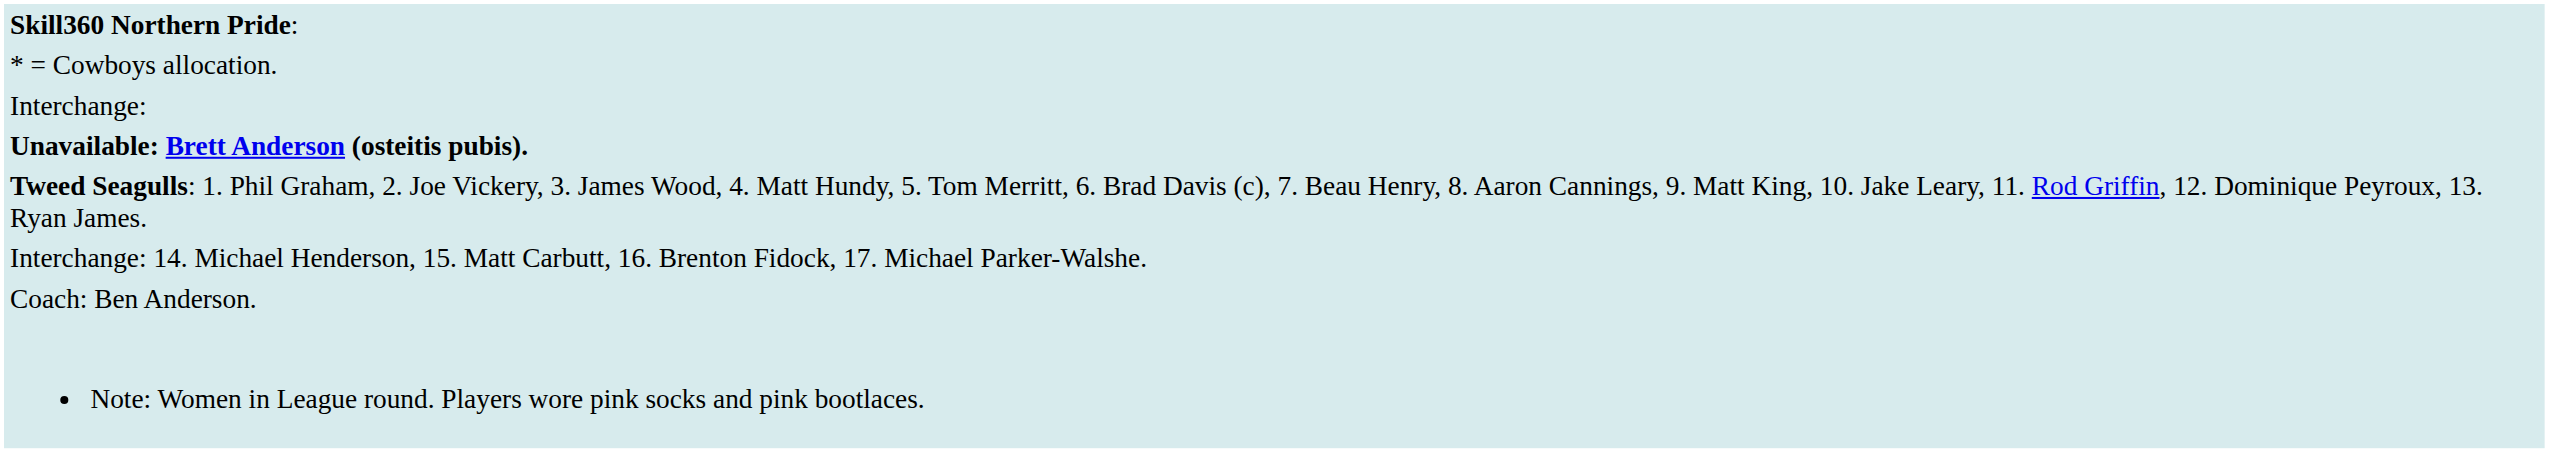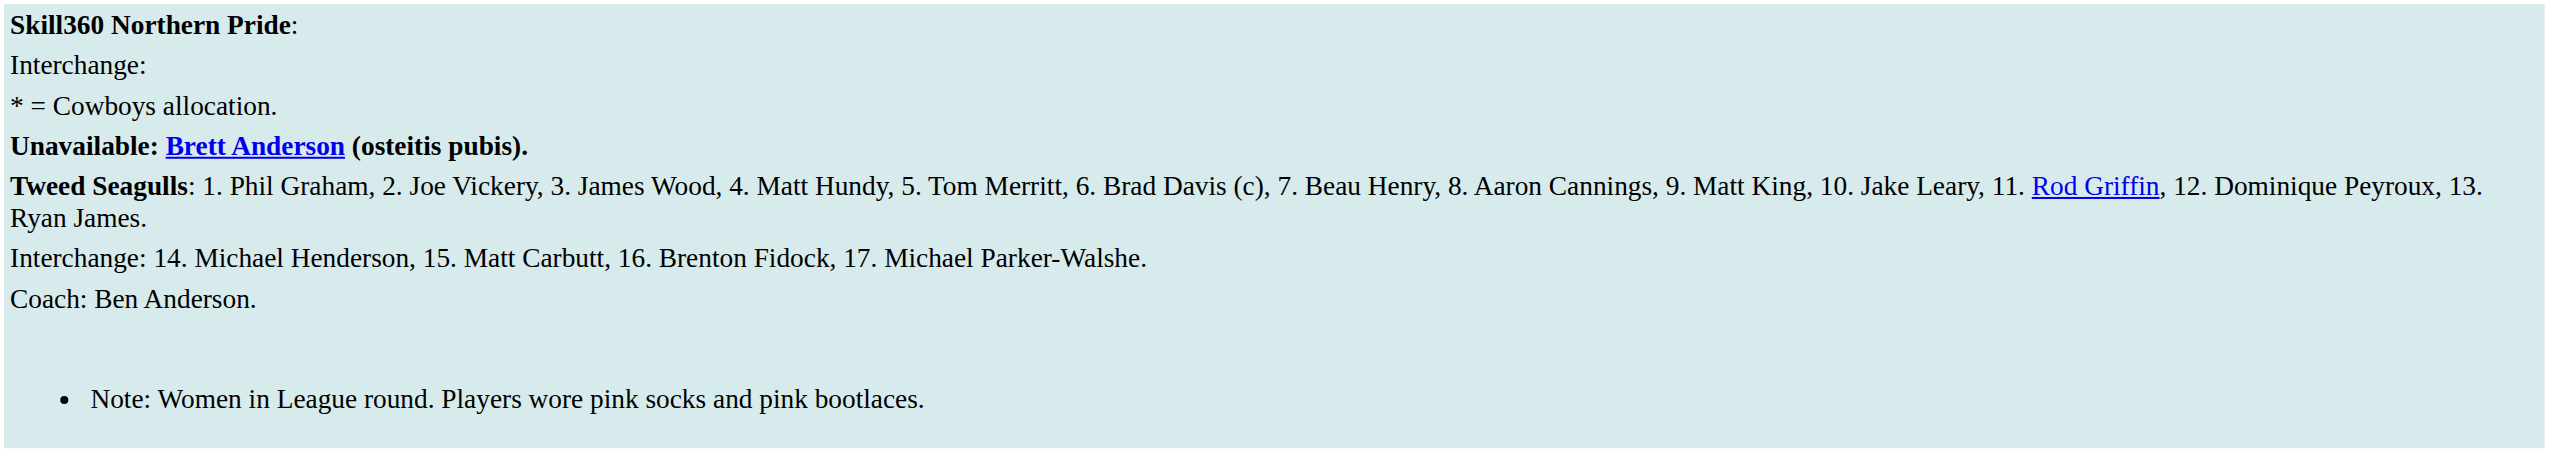 <table style="background:#d7ebed; font-size:85%; width:100%;">
 <tr>
 <td><strong>Skill360 Northern Pride</strong>:             </td>
 </tr>
 <tr>
-<td>* = Cowboys allocation.</td>
+<td>Interchange:    </td>
 </tr>
 <tr>
-<td>Interchange:    </td>
+<td>* = Cowboys allocation.</td>
 </tr>
 <tr>
 <td><strong>Unavailable: <a href='#'>Brett Anderson</a> (osteitis pubis).</strong></td>
 </tr>
 <tr>
 <td><strong>Tweed Seagulls</strong>: 1. Phil Graham, 2. Joe Vickery, 3. James Wood, 4. Matt Hundy, 5. Tom Merritt, 6. Brad Davis (c), 7. Beau Henry, 8. Aaron Cannings, 9. Matt King, 10. Jake Leary, 11. <a href='#'>Rod Griffin</a>, 12. Dominique Peyroux, 13. Ryan James.</td>
 </tr>
 <tr>
 <td>Interchange: 14. Michael Henderson, 15. Matt Carbutt, 16. Brenton Fidock, 17. Michael Parker-Walshe.</td>
 </tr>
 <tr>
 <td>Coach: Ben Anderson.</td>
 </tr>
 <tr>
 <td><br><ul><li>Note: Women in League round. Players wore pink socks and pink bootlaces.</li></ul></td>
 </tr>
 </table>
